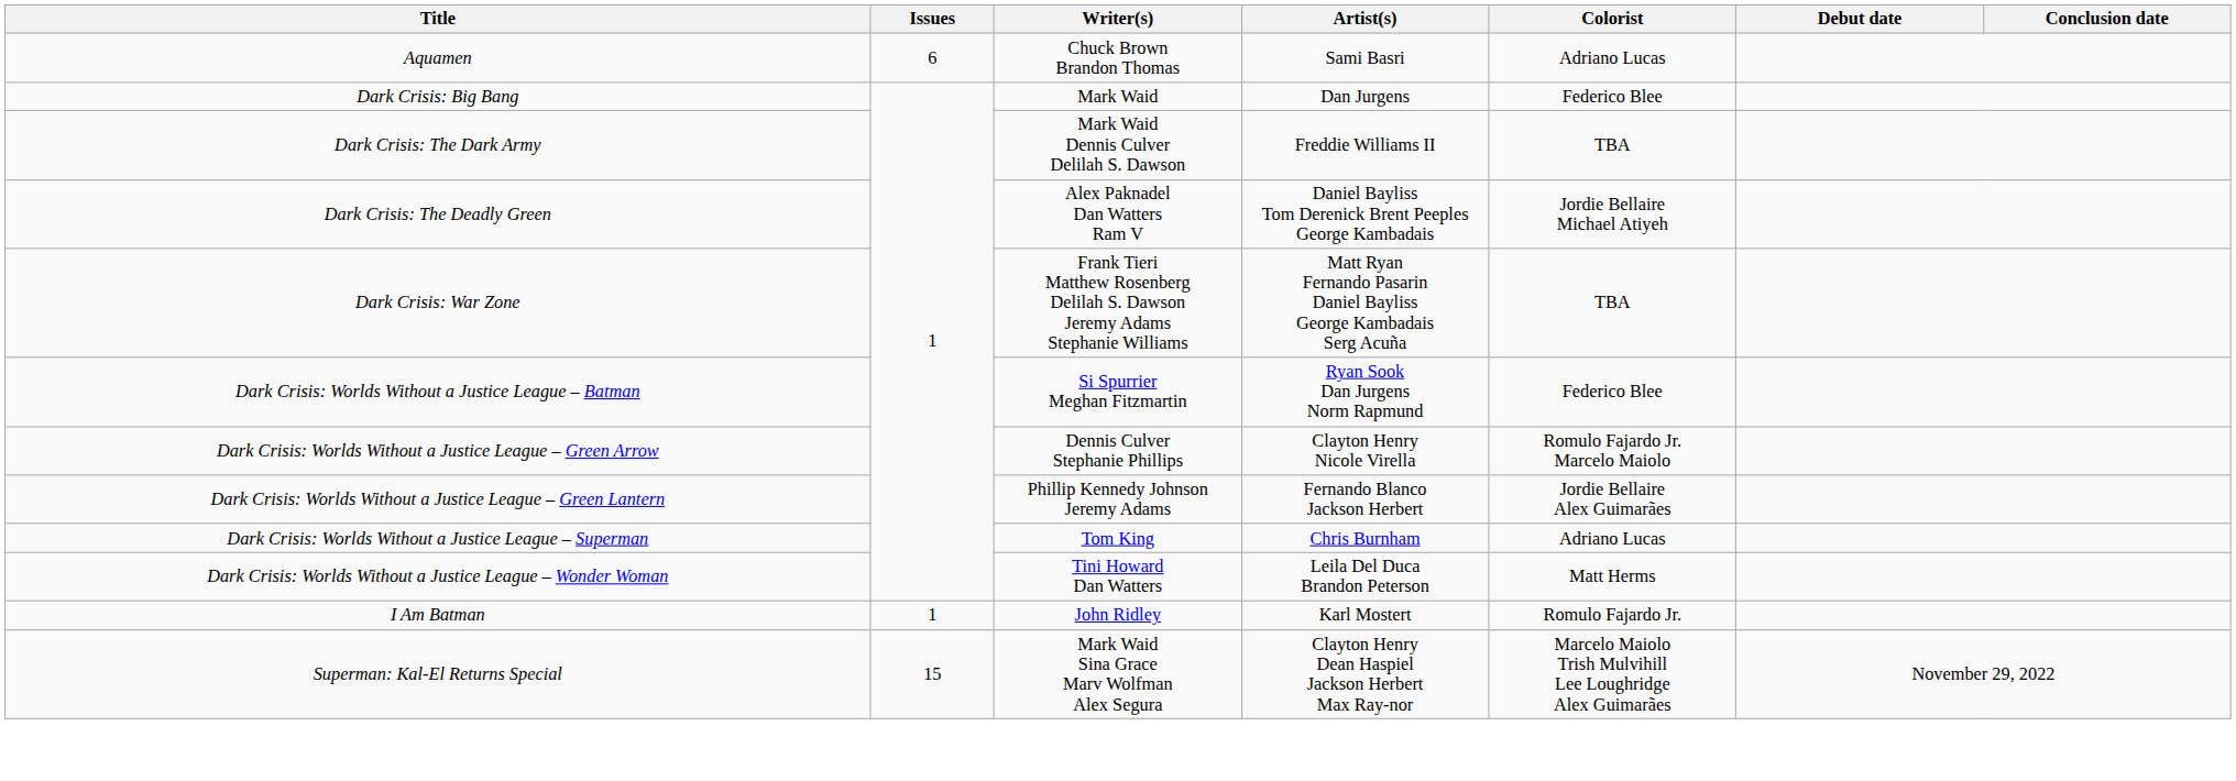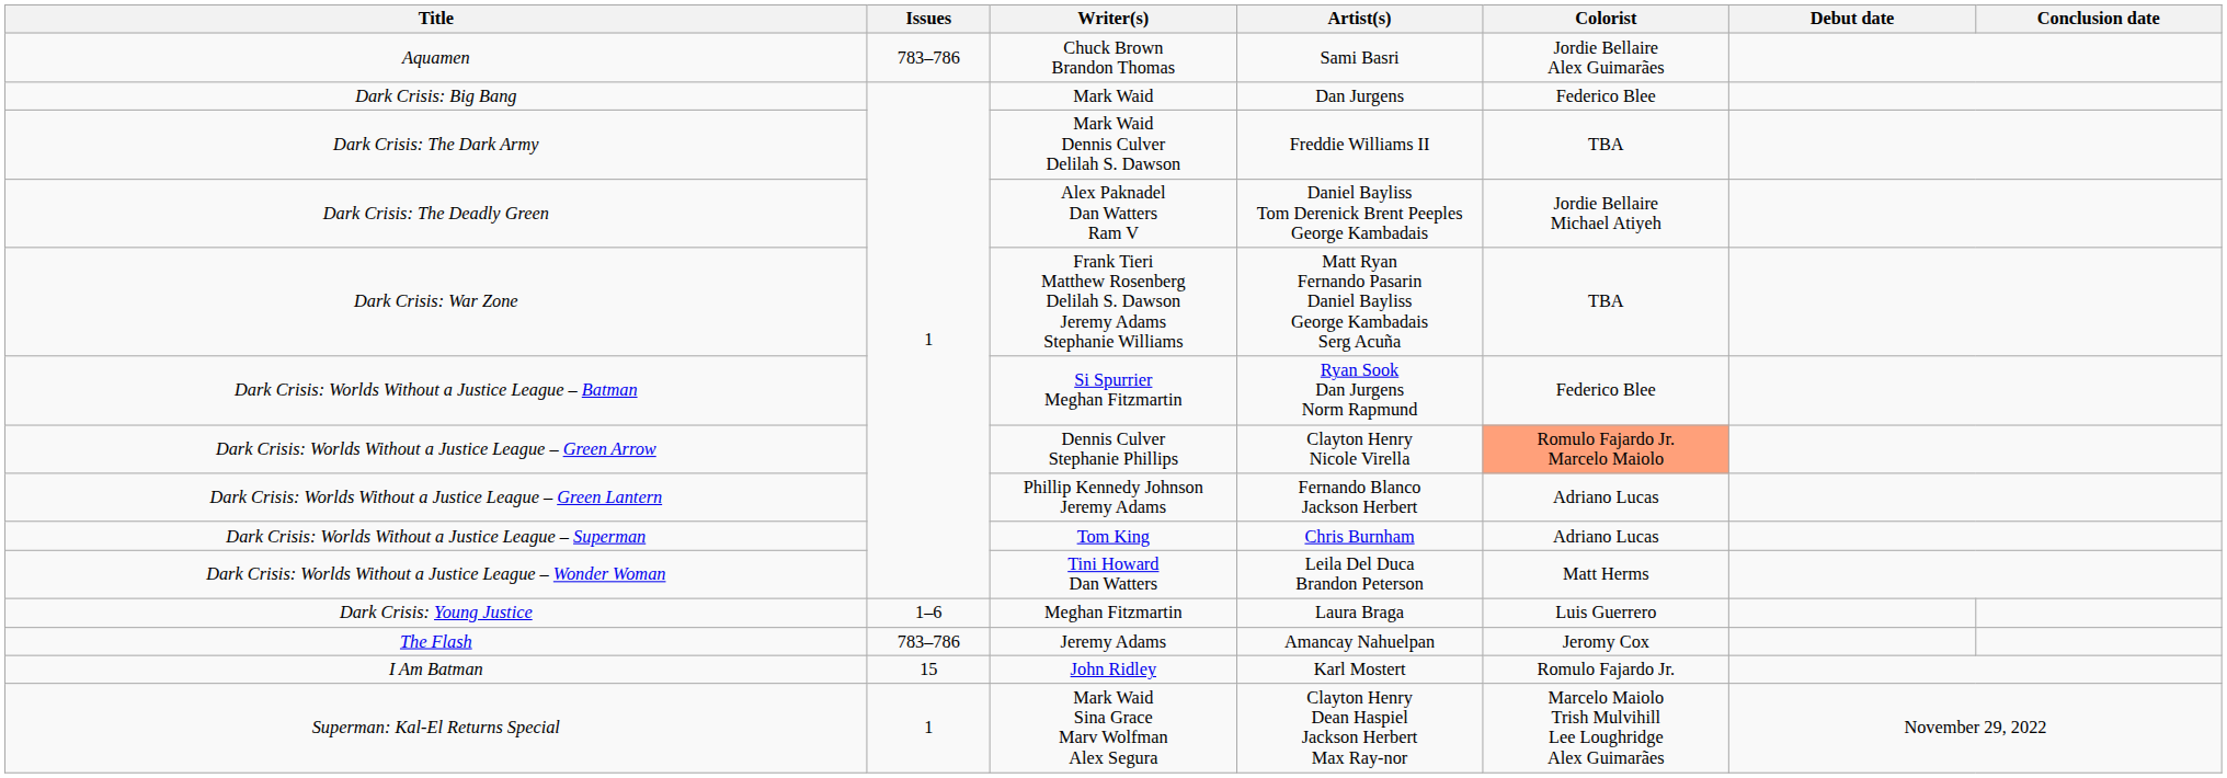 <table class="wikitable" style="text-align:center; width:100%">
 <tr>
 <th scope="col" width="35%">Title</th>
 <th scope="col" width="5%">Issues</th>
 <th scope="col" width="10%">Writer(s)</th>
 <th scope="col" width="10%">Artist(s)</th>
 <th scope="col" width="10%">Colorist</th>
 <th scope="col" width="10%">Debut date</th>
 <th scope="col" width="10%">Conclusion date</th>
 </tr>
 <tr>
 <td><em>Aquamen</em></td>
-<td>6</td>
+<td>783–786</td>
 <td>Chuck Brown<br>Brandon Thomas</td>
 <td>Sami Basri</td>
-<td>Adriano Lucas</td>
+<td>Jordie Bellaire<br>Alex Guimarães</td>
 <td colspan="2"></td>
 </tr>
 <tr>
 <td><em>Dark Crisis: Big Bang</em></td>
 <td rowspan="9">1</td>
 <td>Mark Waid</td>
 <td>Dan Jurgens</td>
 <td>Federico Blee</td>
 <td colspan="2"></td>
 </tr>
 <tr>
 <td><em>Dark Crisis: The Dark Army</em></td>
 <td>Mark Waid<br>Dennis Culver<br>Delilah S. Dawson</td>
 <td>Freddie Williams II</td>
 <td>TBA</td>
 <td colspan="2"></td>
 </tr>
 <tr>
 <td><em>Dark Crisis: The Deadly Green</em></td>
 <td>Alex Paknadel<br>Dan Watters<br>Ram V</td>
 <td>Daniel Bayliss<br>Tom Derenick Brent Peeples George Kambadais</td>
 <td>Jordie Bellaire<br>Michael Atiyeh</td>
 <td colspan="2"></td>
 </tr>
 <tr>
 <td><em>Dark Crisis: War Zone</em></td>
 <td>Frank Tieri<br>Matthew Rosenberg<br>Delilah S. Dawson<br>Jeremy Adams<br>Stephanie Williams</td>
 <td>Matt Ryan<br>Fernando Pasarin<br>Daniel Bayliss<br>George Kambadais<br>Serg Acuña</td>
 <td>TBA</td>
 <td colspan="2"></td>
 </tr>
 <tr>
 <td><em>Dark Crisis: Worlds Without a Justice League – <a href='#'>Batman</a></em></td>
 <td><a href='#'>Si Spurrier</a><br>Meghan Fitzmartin</td>
 <td><a href='#'>Ryan Sook</a><br>Dan Jurgens<br>Norm Rapmund</td>
 <td>Federico Blee</td>
 <td colspan="2"></td>
 </tr>
 <tr>
 <td><em>Dark Crisis: Worlds Without a Justice League – <a href='#'>Green Arrow</a></em></td>
 <td>Dennis Culver<br>Stephanie Phillips</td>
 <td>Clayton Henry<br>Nicole Virella</td>
-<td>Romulo Fajardo Jr.<br>Marcelo Maiolo</td>
+<td style="background: lightsalmon;">Romulo Fajardo Jr.<br>Marcelo Maiolo</td>
 <td colspan="2"></td>
 </tr>
 <tr>
 <td><em>Dark Crisis: Worlds Without a Justice League – <a href='#'>Green Lantern</a></em></td>
 <td>Phillip Kennedy Johnson<br>Jeremy Adams</td>
 <td>Fernando Blanco<br>Jackson Herbert</td>
-<td>Jordie Bellaire<br>Alex Guimarães</td>
+<td>Adriano Lucas</td>
 <td colspan="2"></td>
 </tr>
 <tr>
 <td><em>Dark Crisis: Worlds Without a Justice League – <a href='#'>Superman</a></em></td>
 <td><a href='#'>Tom King</a></td>
 <td><a href='#'>Chris Burnham</a></td>
 <td>Adriano Lucas</td>
 <td colspan="2"></td>
 </tr>
 <tr>
 <td><em>Dark Crisis: Worlds Without a Justice League – <a href='#'>Wonder Woman</a></em></td>
 <td><a href='#'>Tini Howard</a><br>Dan Watters</td>
 <td>Leila Del Duca<br>Brandon Peterson</td>
 <td>Matt Herms</td>
 <td colspan="2"></td>
 </tr>
 <tr>
+<td><em>Dark Crisis: <a href='#'>Young Justice</a></em></td>
+<td>1–6</td>
+<td>Meghan Fitzmartin</td>
+<td>Laura Braga</td>
+<td>Luis Guerrero</td>
+<td></td>
+<td></td>
+</tr>
+<tr>
+<td><em><a href='#'>The Flash</a></em></td>
+<td>783–786</td>
+<td>Jeremy Adams</td>
+<td>Amancay Nahuelpan</td>
+<td>Jeromy Cox</td>
+<td></td>
+<td></td>
+</tr>
+<tr>
 <td><em>I Am Batman</em></td>
-<td>1</td>
+<td>15</td>
 <td><a href='#'>John Ridley</a></td>
 <td>Karl Mostert</td>
 <td>Romulo Fajardo Jr.</td>
 <td colspan="2"></td>
 </tr>
 <tr>
 <td><em>Superman: Kal-El Returns Special</em></td>
-<td>15</td>
+<td>1</td>
 <td>Mark Waid<br>Sina Grace<br>Marv Wolfman<br>Alex Segura</td>
 <td>Clayton Henry<br>Dean Haspiel<br>Jackson Herbert<br>Max Ray-nor</td>
 <td>Marcelo Maiolo<br>Trish Mulvihill<br>Lee Loughridge<br>Alex Guimarães</td>
 <td colspan="2">November 29, 2022</td>
 </tr>
 </table>
